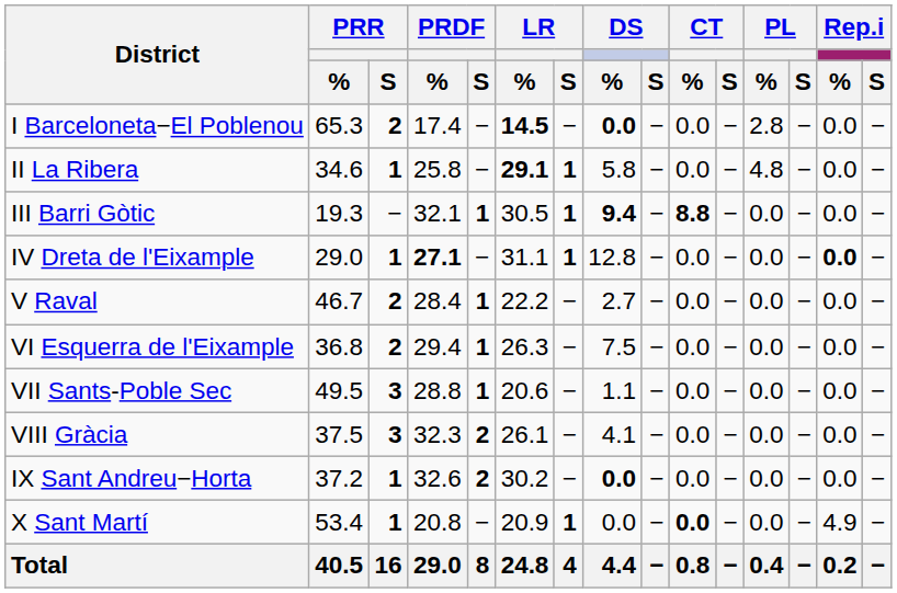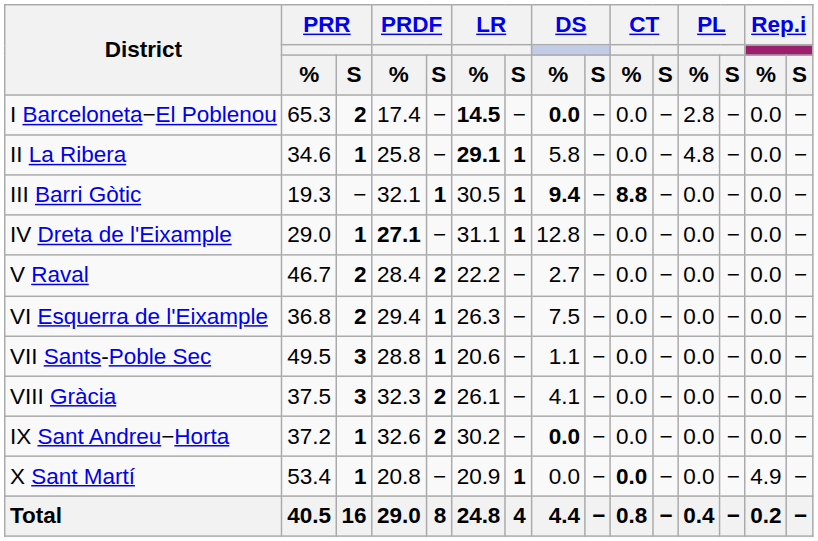 <table class='wikitable sortable' style='text-align:right; font-size:95%; line-height:20px;'>
 <tr>
 <th rowspan='3'>District</th>
 <th colspan='2' width='30px'><a href='#'>PRR</a></th>
 <th colspan='2' width='30px'><a href='#'>PRDF</a></th>
 <th colspan='2' width='30px'><a href='#'>LR</a></th>
 <th colspan='2' width='30px'><a href='#'>DS</a></th>
 <th colspan='2' width='30px'><a href='#'>CT</a></th>
 <th colspan='2' width='30px'><a href='#'>PL</a></th>
 <th colspan='2' width='30px'><a href='#'>Rep.i</a></th>
 </tr>
 <tr>
 <th colspan='2' style='background:'></th>
 <th colspan='2' style='background:'></th>
 <th colspan='2' style='background:'></th>
 <th colspan='2' style='background:#C2CCE7'></th>
 <th colspan='2' style='background:'></th>
 <th colspan='2' style='background:'></th>
 <th colspan='2' style='background:#9C1F6E'></th>
 </tr>
 <tr>
 <th data-sort-type='number'>%</th>
 <th data-sort-type='number'>S</th>
 <th data-sort-type='number'>%</th>
 <th data-sort-type='number'>S</th>
 <th data-sort-type='number'>%</th>
 <th data-sort-type='number'>S</th>
 <th data-sort-type='number'>%</th>
 <th data-sort-type='number'>S</th>
 <th data-sort-type='number'>%</th>
 <th data-sort-type='number'>S</th>
 <th data-sort-type='number'>%</th>
 <th data-sort-type='number'>S</th>
 <th data-sort-type='number'>%</th>
 <th data-sort-type='number'>S</th>
 </tr>
 <tr>
 <td style='text-align: left;'>I <a href='#'>Barceloneta</a>−<a href='#'>El Poblenou</a></td>
 <td style='text-align: right;'>65.3</td>
 <td style='text-align: right;'><strong>2</strong></td>
 <td style='text-align: right;'>17.4</td>
 <td style='text-align: right;'>−</td>
 <td style='text-align: right;'><strong>14.5</strong></td>
 <td style='text-align: right;'>−</td>
 <td style='text-align: right;'><strong>0.0</strong></td>
 <td style='text-align: right;'>−</td>
 <td style='text-align: right;'>0.0</td>
 <td style='text-align: right;'>−</td>
 <td style='text-align: right;'>2.8</td>
 <td style='text-align: right;'>−</td>
 <td style='text-align: right;'>0.0</td>
 <td style='text-align: right;'>−</td>
 </tr>
 <tr>
 <td style='text-align: left;'>II <a href='#'>La Ribera</a></td>
 <td style='text-align: right;'>34.6</td>
 <td style='text-align: right;'><strong>1</strong></td>
 <td style='text-align: right;'>25.8</td>
 <td style='text-align: right;'>−</td>
 <td style='text-align: right;'><strong>29.1</strong></td>
 <td style='text-align: right;'><strong>1</strong></td>
 <td style='text-align: right;'>5.8</td>
 <td style='text-align: right;'>−</td>
 <td style='text-align: right;'>0.0</td>
 <td style='text-align: right;'>−</td>
 <td style='text-align: right;'>4.8</td>
 <td style='text-align: right;'>−</td>
 <td style='text-align: right;'>0.0</td>
 <td style='text-align: right;'>−</td>
 </tr>
 <tr>
 <td style='text-align: left;'>III <a href='#'>Barri Gòtic</a></td>
 <td style='text-align: right;'>19.3</td>
 <td style='text-align: right;'>−</td>
 <td style='text-align: right;'>32.1</td>
 <td style='text-align: right;'><strong>1</strong></td>
 <td style='text-align: right;'>30.5</td>
 <td style='text-align: right;'><strong>1</strong></td>
 <td style='text-align: right;'><strong>9.4</strong></td>
 <td style='text-align: right;'>−</td>
 <td style='text-align: right;'><strong>8.8</strong></td>
 <td style='text-align: right;'>−</td>
 <td style='text-align: right;'>0.0</td>
 <td style='text-align: right;'>−</td>
 <td style='text-align: right;'>0.0</td>
 <td style='text-align: right;'>−</td>
 </tr>
 <tr>
 <td style='text-align: left;'>IV <a href='#'>Dreta de l'Eixample</a></td>
 <td style='text-align: right;'>29.0</td>
 <td style='text-align: right;'><strong>1</strong></td>
 <td style='text-align: right;'><strong>27.1</strong></td>
 <td style='text-align: right;'>−</td>
 <td style='text-align: right;'>31.1</td>
 <td style='text-align: right;'><strong>1</strong></td>
 <td style='text-align: right;'>12.8</td>
 <td style='text-align: right;'>−</td>
 <td style='text-align: right;'>0.0</td>
 <td style='text-align: right;'>−</td>
 <td style='text-align: right;'>0.0</td>
 <td style='text-align: right;'>−</td>
-<td style='text-align: right;'><strong>0.0</strong></td>
+<td style='text-align: right;'>0.0</td>
 <td style='text-align: right;'>−</td>
 </tr>
 <tr>
 <td style='text-align: left;'>V <a href='#'>Raval</a></td>
 <td style='text-align: right;'>46.7</td>
 <td style='text-align: right;'><strong>2</strong></td>
 <td style='text-align: right;'>28.4</td>
-<td style='text-align: right;'><strong>1</strong></td>
+<td style='text-align: right;'><strong>2</strong></td>
 <td style='text-align: right;'>22.2</td>
 <td style='text-align: right;'>−</td>
 <td style='text-align: right;'>2.7</td>
 <td style='text-align: right;'>−</td>
 <td style='text-align: right;'>0.0</td>
 <td style='text-align: right;'>−</td>
 <td style='text-align: right;'>0.0</td>
 <td style='text-align: right;'>−</td>
 <td style='text-align: right;'>0.0</td>
 <td style='text-align: right;'>−</td>
 </tr>
 <tr>
 <td style='text-align: left;'>VI <a href='#'>Esquerra de l'Eixample</a></td>
 <td style='text-align: right;'>36.8</td>
 <td style='text-align: right;'><strong>2</strong></td>
 <td style='text-align: right;'>29.4</td>
 <td style='text-align: right;'><strong>1</strong></td>
 <td style='text-align: right;'>26.3</td>
 <td style='text-align: right;'>−</td>
 <td style='text-align: right;'>7.5</td>
 <td style='text-align: right;'>−</td>
 <td style='text-align: right;'>0.0</td>
 <td style='text-align: right;'>−</td>
 <td style='text-align: right;'>0.0</td>
 <td style='text-align: right;'>−</td>
 <td style='text-align: right;'>0.0</td>
 <td style='text-align: right;'>−</td>
 </tr>
 <tr>
 <td style='text-align: left;'>VII <a href='#'>Sants</a>-<a href='#'>Poble Sec</a></td>
 <td style='text-align: right;'>49.5</td>
 <td style='text-align: right;'><strong>3</strong></td>
 <td style='text-align: right;'>28.8</td>
 <td style='text-align: right;'><strong>1</strong></td>
 <td style='text-align: right;'>20.6</td>
 <td style='text-align: right;'>−</td>
 <td style='text-align: right;'>1.1</td>
 <td style='text-align: right;'>−</td>
 <td style='text-align: right;'>0.0</td>
 <td style='text-align: right;'>−</td>
 <td style='text-align: right;'>0.0</td>
 <td style='text-align: right;'>−</td>
 <td style='text-align: right;'>0.0</td>
 <td style='text-align: right;'>−</td>
 </tr>
 <tr>
 <td style='text-align: left;'>VIII <a href='#'>Gràcia</a></td>
 <td style='text-align: right;'>37.5</td>
 <td style='text-align: right;'><strong>3</strong></td>
 <td style='text-align: right;'>32.3</td>
 <td style='text-align: right;'><strong>2</strong></td>
 <td style='text-align: right;'>26.1</td>
 <td style='text-align: right;'>−</td>
 <td style='text-align: right;'>4.1</td>
 <td style='text-align: right;'>−</td>
 <td style='text-align: right;'>0.0</td>
 <td style='text-align: right;'>−</td>
 <td style='text-align: right;'>0.0</td>
 <td style='text-align: right;'>−</td>
 <td style='text-align: right;'>0.0</td>
 <td style='text-align: right;'>−</td>
 </tr>
 <tr>
 <td style='text-align: left;'>IX <a href='#'>Sant Andreu</a>−<a href='#'>Horta</a></td>
 <td style='text-align: right;'>37.2</td>
 <td style='text-align: right;'><strong>1</strong></td>
 <td style='text-align: right;'>32.6</td>
 <td style='text-align: right;'><strong>2</strong></td>
 <td style='text-align: right;'>30.2</td>
 <td style='text-align: right;'>−</td>
 <td style='text-align: right;'><strong>0.0</strong></td>
 <td style='text-align: right;'>−</td>
 <td style='text-align: right;'>0.0</td>
 <td style='text-align: right;'>−</td>
 <td style='text-align: right;'>0.0</td>
 <td style='text-align: right;'>−</td>
 <td style='text-align: right;'>0.0</td>
 <td style='text-align: right;'>−</td>
 </tr>
 <tr>
 <td style='text-align: left;'>X <a href='#'>Sant Martí</a></td>
 <td style='text-align: right;'>53.4</td>
 <td style='text-align: right;'><strong>1</strong></td>
 <td style='text-align: right;'>20.8</td>
 <td style='text-align: right;'>−</td>
 <td style='text-align: right;'>20.9</td>
 <td style='text-align: right;'><strong>1</strong></td>
 <td style='text-align: right;'>0.0</td>
 <td style='text-align: right;'>−</td>
 <td style='text-align: right;'><strong>0.0</strong></td>
 <td style='text-align: right;'>−</td>
 <td style='text-align: right;'>0.0</td>
 <td style='text-align: right;'>−</td>
 <td style='text-align: right;'>4.9</td>
 <td style='text-align: right;'>−</td>
 </tr>
 <tr>
 <th style='text-align: left;'>Total</th>
 <th style='text-align: right;'>40.5</th>
 <th style='text-align: right;'><strong>16</strong></th>
 <th style='text-align: right;'>29.0</th>
 <th style='text-align: right;'><strong>8</strong></th>
 <th style='text-align: right;'>24.8</th>
 <th style='text-align: right;'><strong>4</strong></th>
 <th style='text-align: right;'>4.4</th>
 <th style='text-align: right;'>−</th>
 <th style='text-align: right;'>0.8</th>
 <th style='text-align: right;'>−</th>
 <th style='text-align: right;'>0.4</th>
 <th style='text-align: right;'>−</th>
 <th style='text-align: right;'>0.2</th>
 <th style='text-align: right;'>−</th>
 </tr>
 </table>
